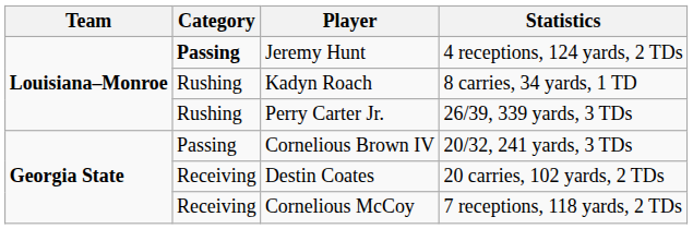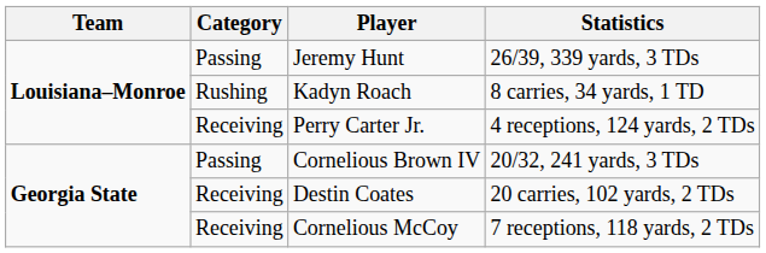 <table class="wikitable" style="float: left;">
 <tr>
 <th>Team</th>
 <th>Category</th>
 <th>Player</th>
 <th>Statistics</th>
 </tr>
 <tr>
 <td rowspan=3><strong>Louisiana–Monroe</strong></td>
-<td><strong>Passing</strong></td>
+<td>Passing</td>
 <td>Jeremy Hunt</td>
-<td>4 receptions, 124 yards, 2 TDs</td>
+<td>26/39, 339 yards, 3 TDs</td>
 </tr>
 <tr>
 <td>Rushing</td>
 <td>Kadyn Roach</td>
 <td>8 carries, 34 yards, 1 TD</td>
 </tr>
 <tr>
-<td>Rushing</td>
+<td>Receiving</td>
 <td>Perry Carter Jr.</td>
-<td>26/39, 339 yards, 3 TDs</td>
+<td>4 receptions, 124 yards, 2 TDs</td>
 </tr>
 <tr>
 <td rowspan=3><strong>Georgia State</strong></td>
 <td>Passing</td>
 <td>Cornelious Brown IV</td>
 <td>20/32, 241 yards, 3 TDs</td>
 </tr>
 <tr>
 <td>Receiving</td>
 <td>Destin Coates</td>
 <td>20 carries, 102 yards, 2 TDs</td>
 </tr>
 <tr>
 <td>Receiving</td>
 <td>Cornelious McCoy</td>
 <td>7 receptions, 118 yards, 2 TDs</td>
 </tr>
 </table>
